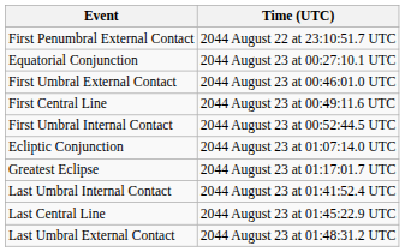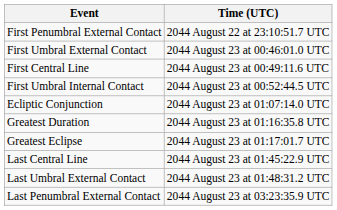 <table class="wikitable">
 <tr>
 <th>Event</th>
 <th>Time (UTC)</th>
 </tr>
 <tr>
 <td>First Penumbral External Contact</td>
 <td>2044 August 22 at 23:10:51.7 UTC</td>
-</tr>
-<tr>
-<td>Equatorial Conjunction</td>
-<td>2044 August 23 at 00:27:10.1 UTC</td>
 </tr>
 <tr>
 <td>First Umbral External Contact</td>
 <td>2044 August 23 at 00:46:01.0 UTC</td>
 </tr>
 <tr>
 <td>First Central Line</td>
 <td>2044 August 23 at 00:49:11.6 UTC</td>
 </tr>
 <tr>
 <td>First Umbral Internal Contact</td>
 <td>2044 August 23 at 00:52:44.5 UTC</td>
 </tr>
 <tr>
 <td>Ecliptic Conjunction</td>
 <td>2044 August 23 at 01:07:14.0 UTC</td>
 </tr>
 <tr>
+<td>Greatest Duration</td>
+<td>2044 August 23 at 01:16:35.8 UTC</td>
+</tr>
+<tr>
 <td>Greatest Eclipse</td>
 <td>2044 August 23 at 01:17:01.7 UTC</td>
-</tr>
-<tr>
-<td>Last Umbral Internal Contact</td>
-<td>2044 August 23 at 01:41:52.4 UTC</td>
 </tr>
 <tr>
 <td>Last Central Line</td>
 <td>2044 August 23 at 01:45:22.9 UTC</td>
 </tr>
 <tr>
 <td>Last Umbral External Contact</td>
 <td>2044 August 23 at 01:48:31.2 UTC</td>
 </tr>
+<tr>
+<td>Last Penumbral External Contact</td>
+<td>2044 August 23 at 03:23:35.9 UTC</td>
+</tr>
 </table>
